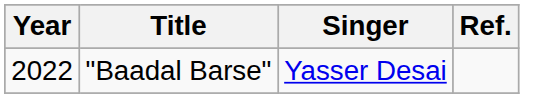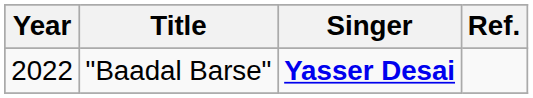 <table class="wikitable plainrowheaders sortable">
 <tr>
 <th scope="col">Year</th>
 <th scope="col">Title</th>
 <th scope="col">Singer</th>
 <th scope="col">Ref.</th>
 </tr>
 <tr>
 <td rowspan="5" scope="row">2022</td>
 <td>"Baadal Barse"</td>
-<td><a href='#'>Yasser Desai</a></td>
+<td><strong><a href='#'>Yasser Desai</a></strong></td>
 <td></td>
 </tr>
 </table>
